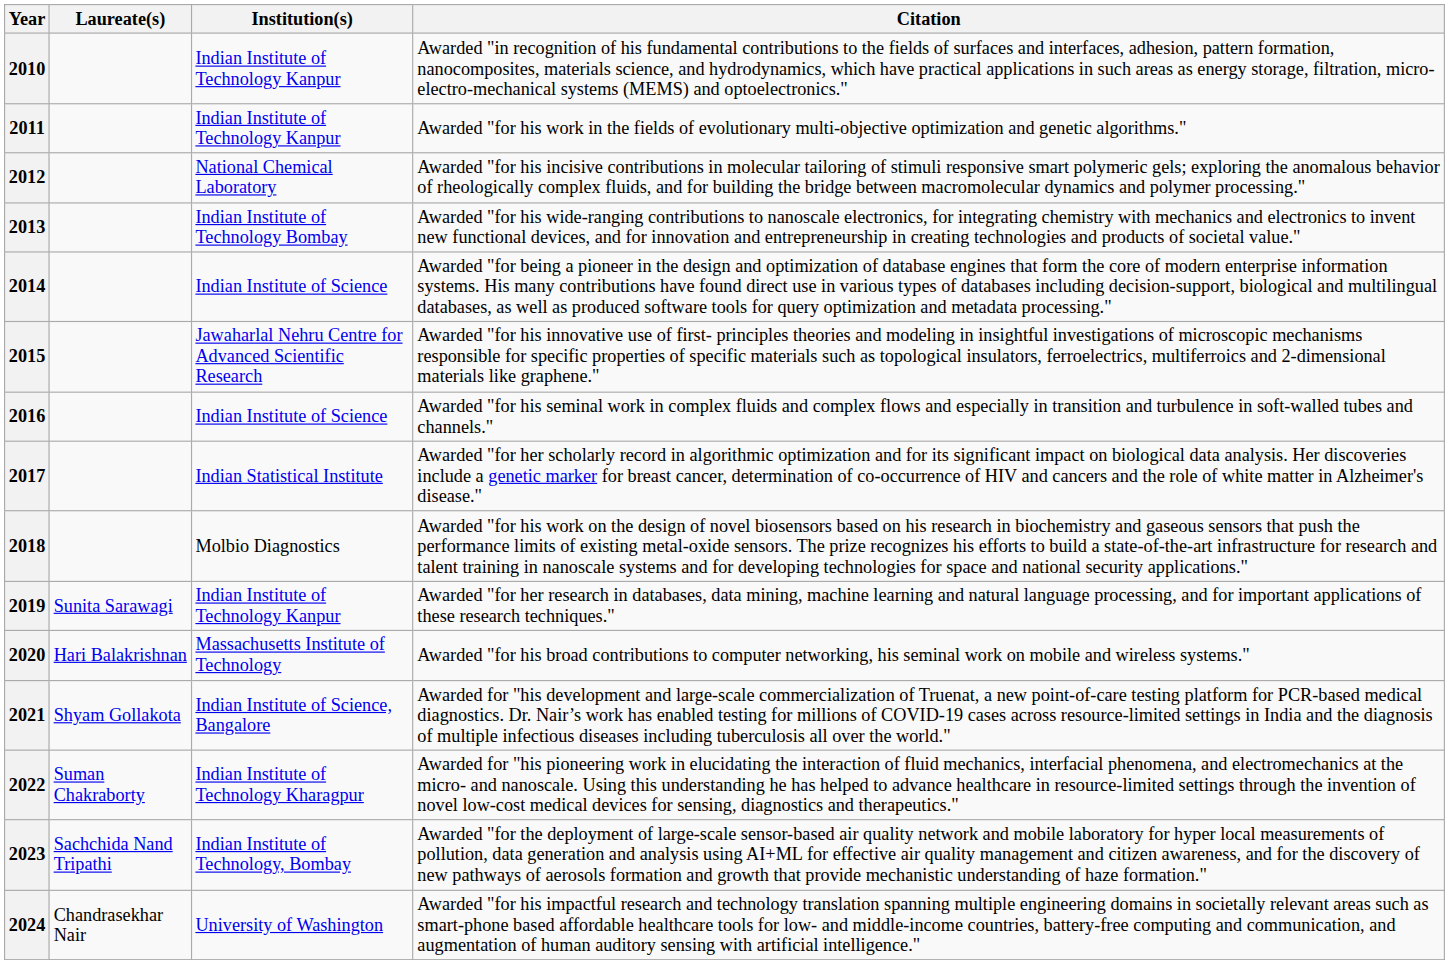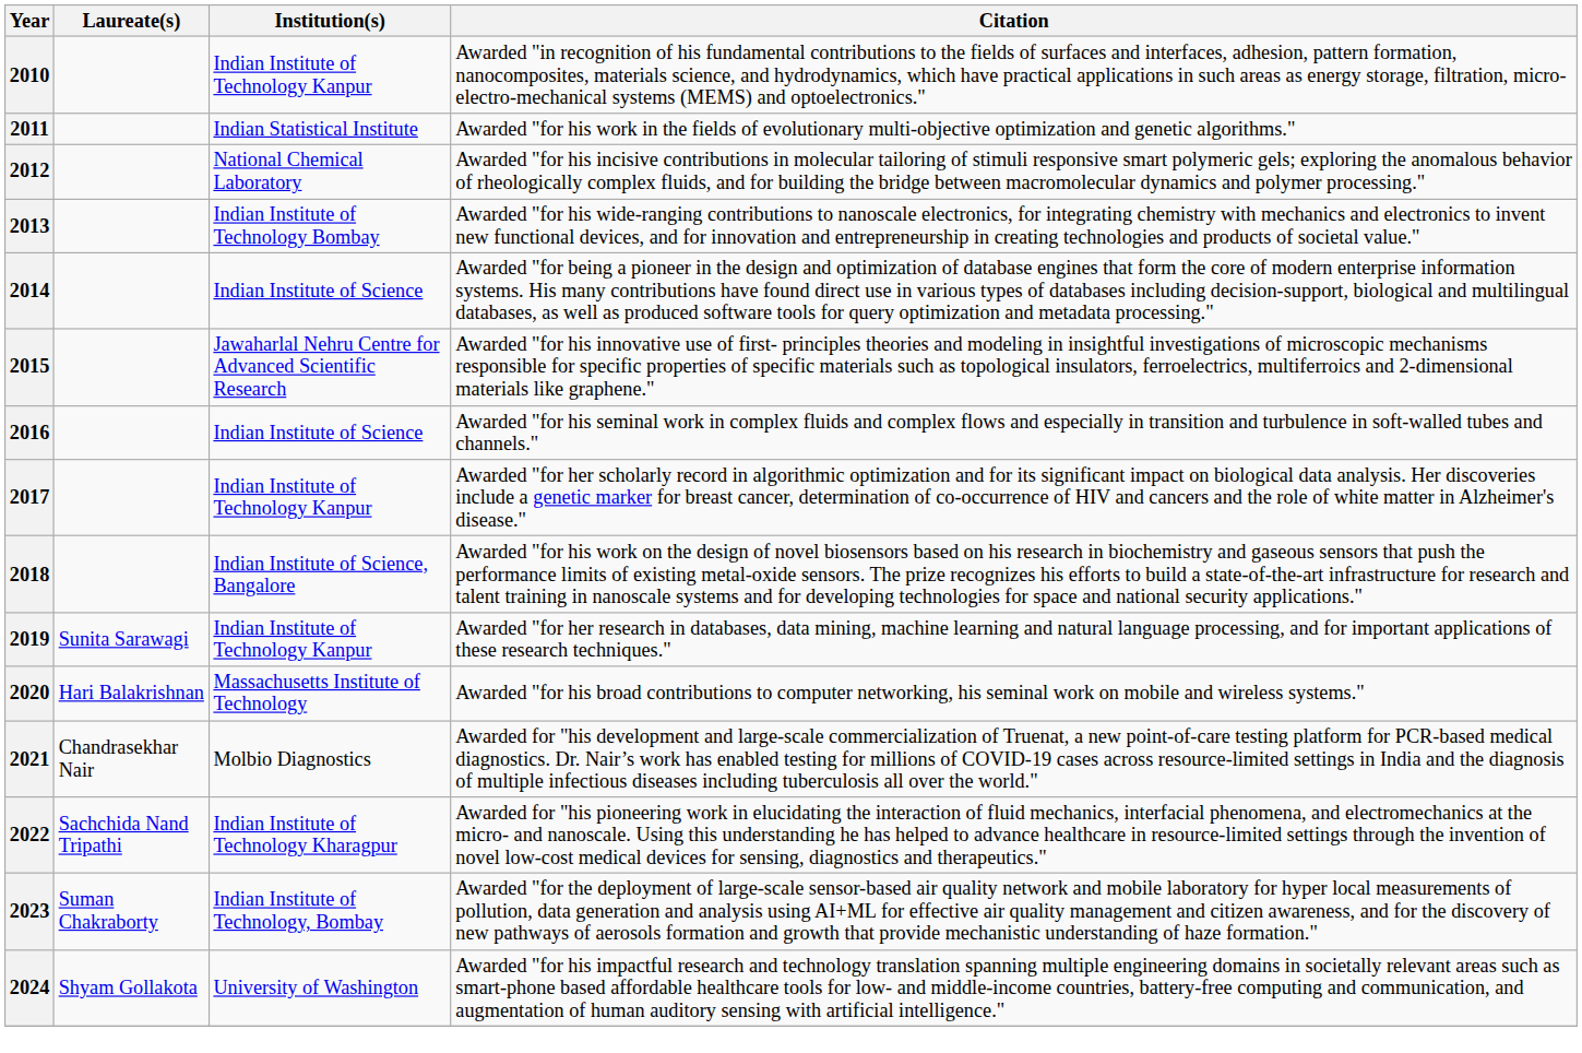 <table style="margin:auto;"  class="wikitable sortable plainrowheaders">
 <tr>
 <th scope=col>Year</th>
 <th scope=col>Laureate(s)</th>
 <th scope=col>Institution(s)</th>
 <th scope=col class=unsortable>Citation</th>
 </tr>
 <tr>
 <th scope=row>2010</th>
 <td></td>
 <td><a href='#'>Indian Institute of Technology Kanpur</a></td>
 <td>Awarded "in recognition of his fundamental contributions to the fields of surfaces and interfaces, adhesion, pattern formation, nanocomposites, materials science, and hydrodynamics, which have practical applications in such areas as energy storage, filtration, micro-electro-mechanical systems (MEMS) and optoelectronics."</td>
 </tr>
 <tr>
 <th scope=row>2011</th>
 <td></td>
-<td><a href='#'>Indian Institute of Technology Kanpur</a></td>
+<td><a href='#'>Indian Statistical Institute</a></td>
 <td>Awarded "for his work in the fields of evolutionary multi-objective optimization and genetic algorithms."</td>
 </tr>
 <tr>
 <th scope=row>2012</th>
 <td></td>
 <td><a href='#'>National Chemical Laboratory</a></td>
 <td>Awarded "for his incisive contributions in molecular tailoring of stimuli responsive smart polymeric gels; exploring the anomalous behavior of rheologically complex fluids, and for building the bridge between macromolecular dynamics and polymer processing."</td>
 </tr>
 <tr>
 <th scope=row>2013</th>
 <td></td>
 <td><a href='#'>Indian Institute of Technology Bombay</a></td>
 <td>Awarded "for his wide-ranging contributions to nanoscale electronics, for integrating chemistry with mechanics and electronics to invent new functional devices, and for innovation and entrepreneurship in creating technologies and products of societal value."</td>
 </tr>
 <tr>
 <th scope=row>2014</th>
 <td></td>
 <td><a href='#'>Indian Institute of Science</a></td>
 <td>Awarded "for being a pioneer in the design and optimization of database engines that form the core of modern enterprise information systems. His many contributions have found direct use in various types of databases including decision‑support, biological and multilingual databases, as well as produced software tools for query optimization and metadata processing."</td>
 </tr>
 <tr>
 <th scope=row>2015</th>
 <td></td>
 <td><a href='#'>Jawaharlal Nehru Centre for Advanced Scientific Research</a></td>
 <td>Awarded "for his innovative use of first- principles theories and modeling in insightful investigations of microscopic mechanisms responsible for specific properties of specific materials such as topological insulators, ferroelectrics, multiferroics and 2-dimensional materials like graphene."</td>
 </tr>
 <tr>
 <th scope=row>2016</th>
 <td></td>
 <td><a href='#'>Indian Institute of Science</a></td>
 <td>Awarded "for his seminal work in complex fluids and complex flows and especially in transition and turbulence in soft-walled tubes and channels."</td>
 </tr>
 <tr>
 <th scope=row>2017</th>
 <td></td>
-<td><a href='#'>Indian Statistical Institute</a></td>
+<td><a href='#'>Indian Institute of Technology Kanpur</a></td>
 <td>Awarded "for her scholarly record in algorithmic optimization and for its significant impact on biological data analysis. Her discoveries include a <a href='#'>genetic marker</a> for breast cancer, determination of co-occurrence of HIV and cancers and the role of white matter in Alzheimer's disease."</td>
 </tr>
 <tr>
 <th scope=row>2018</th>
 <td></td>
-<td>Molbio Diagnostics</td>
+<td><a href='#'>Indian Institute of Science, Bangalore</a></td>
 <td>Awarded "for his work on the design of novel biosensors based on his research in biochemistry and gaseous sensors that push the performance limits of existing metal-oxide sensors. The prize recognizes his efforts to build a state-of-the-art infrastructure for research and talent training in nanoscale systems and for developing technologies for space and national security applications."</td>
 </tr>
 <tr>
 <th scope=row>2019</th>
 <td><a href='#'>Sunita Sarawagi</a></td>
 <td><a href='#'>Indian Institute of Technology Kanpur</a></td>
 <td>Awarded "for her research in databases, data mining, machine learning and natural language processing, and for important applications of these research techniques."</td>
 </tr>
 <tr>
 <th scope=row>2020</th>
 <td><a href='#'>Hari Balakrishnan</a></td>
 <td><a href='#'>Massachusetts Institute of Technology</a></td>
 <td>Awarded "for his broad contributions to computer networking, his seminal work on mobile and wireless systems."</td>
 </tr>
 <tr>
 <th scope=row>2021</th>
-<td><a href='#'>Shyam Gollakota</a></td>
-<td><a href='#'>Indian Institute of Science, Bangalore</a></td>
+<td>Chandrasekhar Nair</td>
+<td>Molbio Diagnostics</td>
 <td>Awarded for "his development and large-scale commercialization of Truenat, a new point-of-care testing platform for PCR-based medical diagnostics. Dr. Nair’s work has enabled testing for millions of COVID-19 cases across resource-limited settings in India and the diagnosis of multiple infectious diseases including tuberculosis all over the world."</td>
 </tr>
 <tr>
 <th>2022</th>
-<td><a href='#'>Suman Chakraborty</a></td>
+<td><a href='#'>Sachchida Nand Tripathi</a></td>
 <td><a href='#'>Indian Institute of Technology Kharagpur</a></td>
 <td>Awarded for "his pioneering work in elucidating the interaction of fluid mechanics, interfacial phenomena, and electromechanics at the micro- and nanoscale. Using this understanding he has helped to advance healthcare in resource-limited settings through the invention of novel low-cost medical devices for sensing, diagnostics and therapeutics."</td>
 </tr>
 <tr>
 <th>2023</th>
-<td><a href='#'>Sachchida Nand Tripathi</a></td>
+<td><a href='#'>Suman Chakraborty</a></td>
 <td><a href='#'>Indian Institute of Technology, Bombay</a></td>
 <td>Awarded "for the deployment of large-scale sensor-based air quality network and mobile laboratory for hyper local measurements of pollution, data generation and analysis using AI+ML for effective air quality management and citizen awareness, and for the discovery of new pathways of aerosols formation and growth that provide mechanistic understanding of haze formation."</td>
 </tr>
 <tr>
 <th>2024</th>
-<td>Chandrasekhar Nair</td>
+<td><a href='#'>Shyam Gollakota</a></td>
 <td><a href='#'>University of Washington</a></td>
 <td>Awarded "for his impactful research and technology translation spanning multiple engineering domains in societally relevant areas such as smart-phone based affordable healthcare tools for low- and middle-income countries, battery-free computing and communication, and augmentation of human auditory sensing with artificial intelligence."</td>
 </tr>
 <tr>
 </tr>
 </table>
